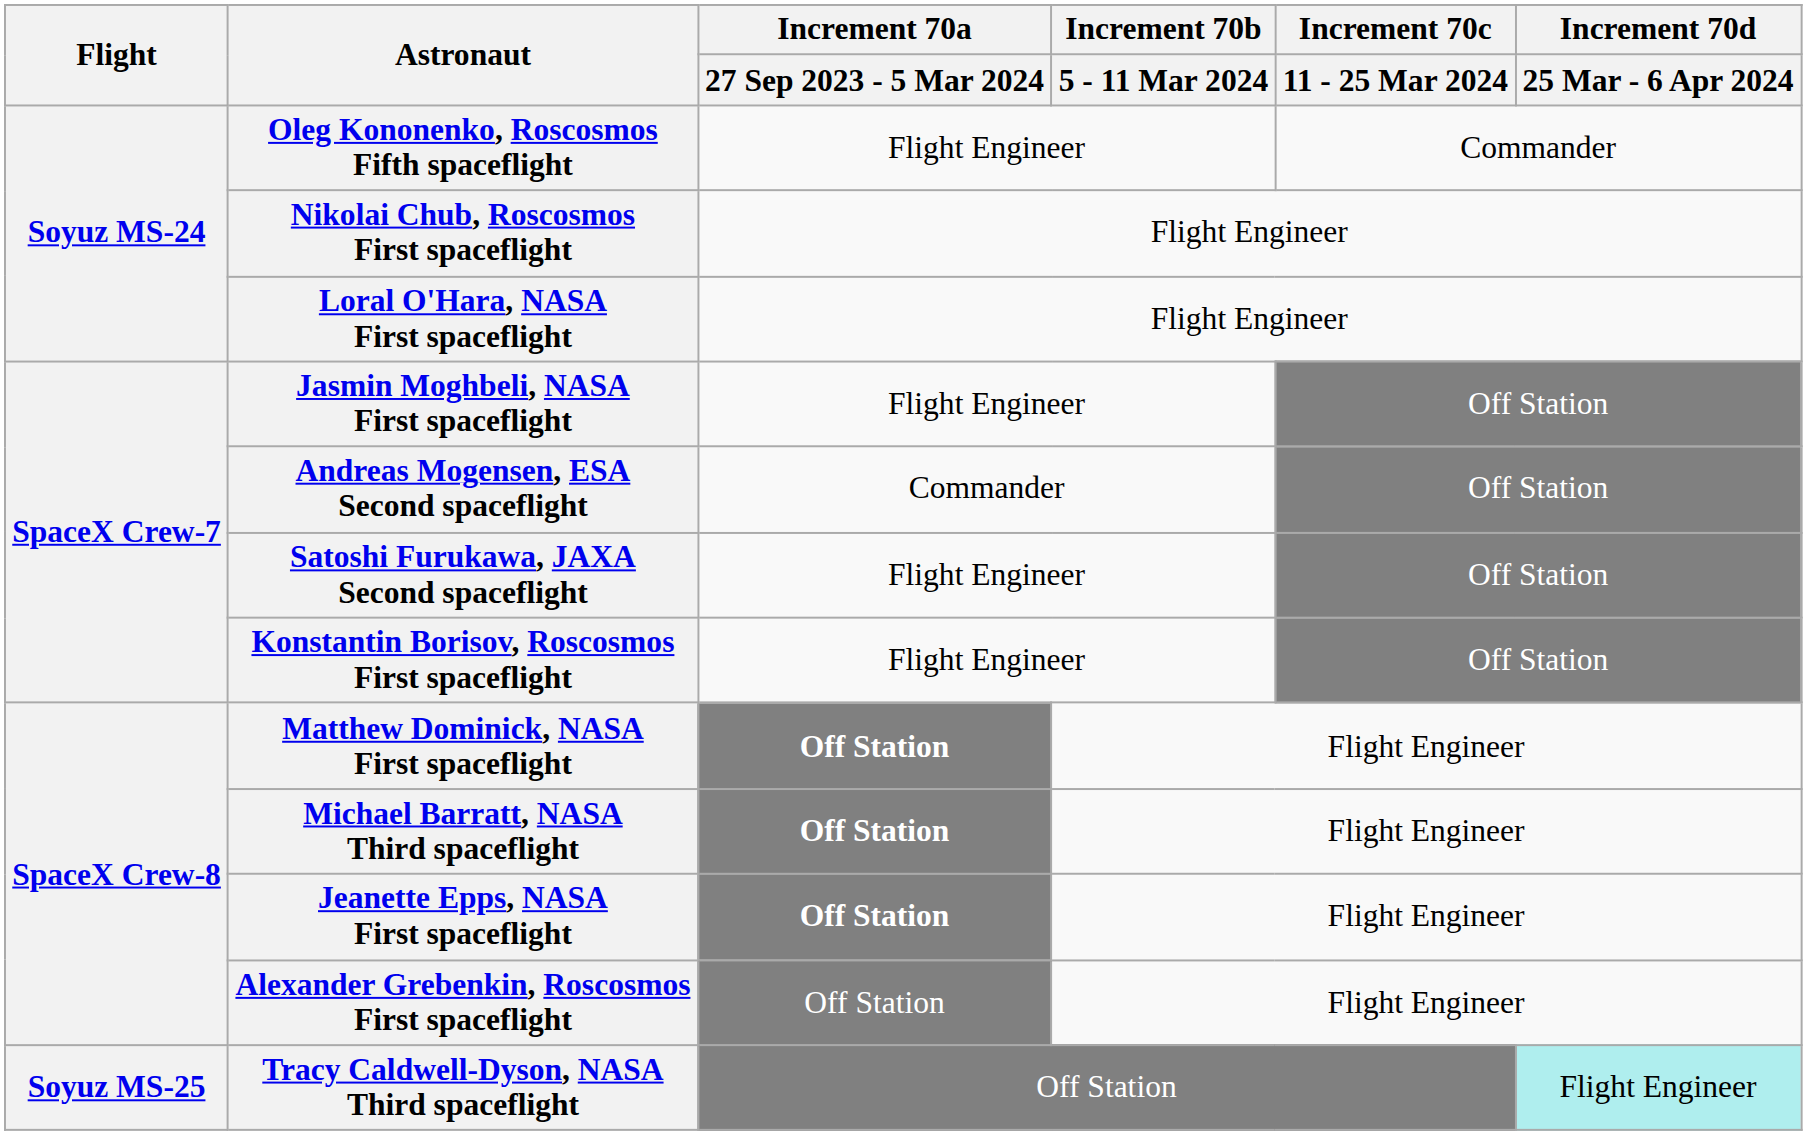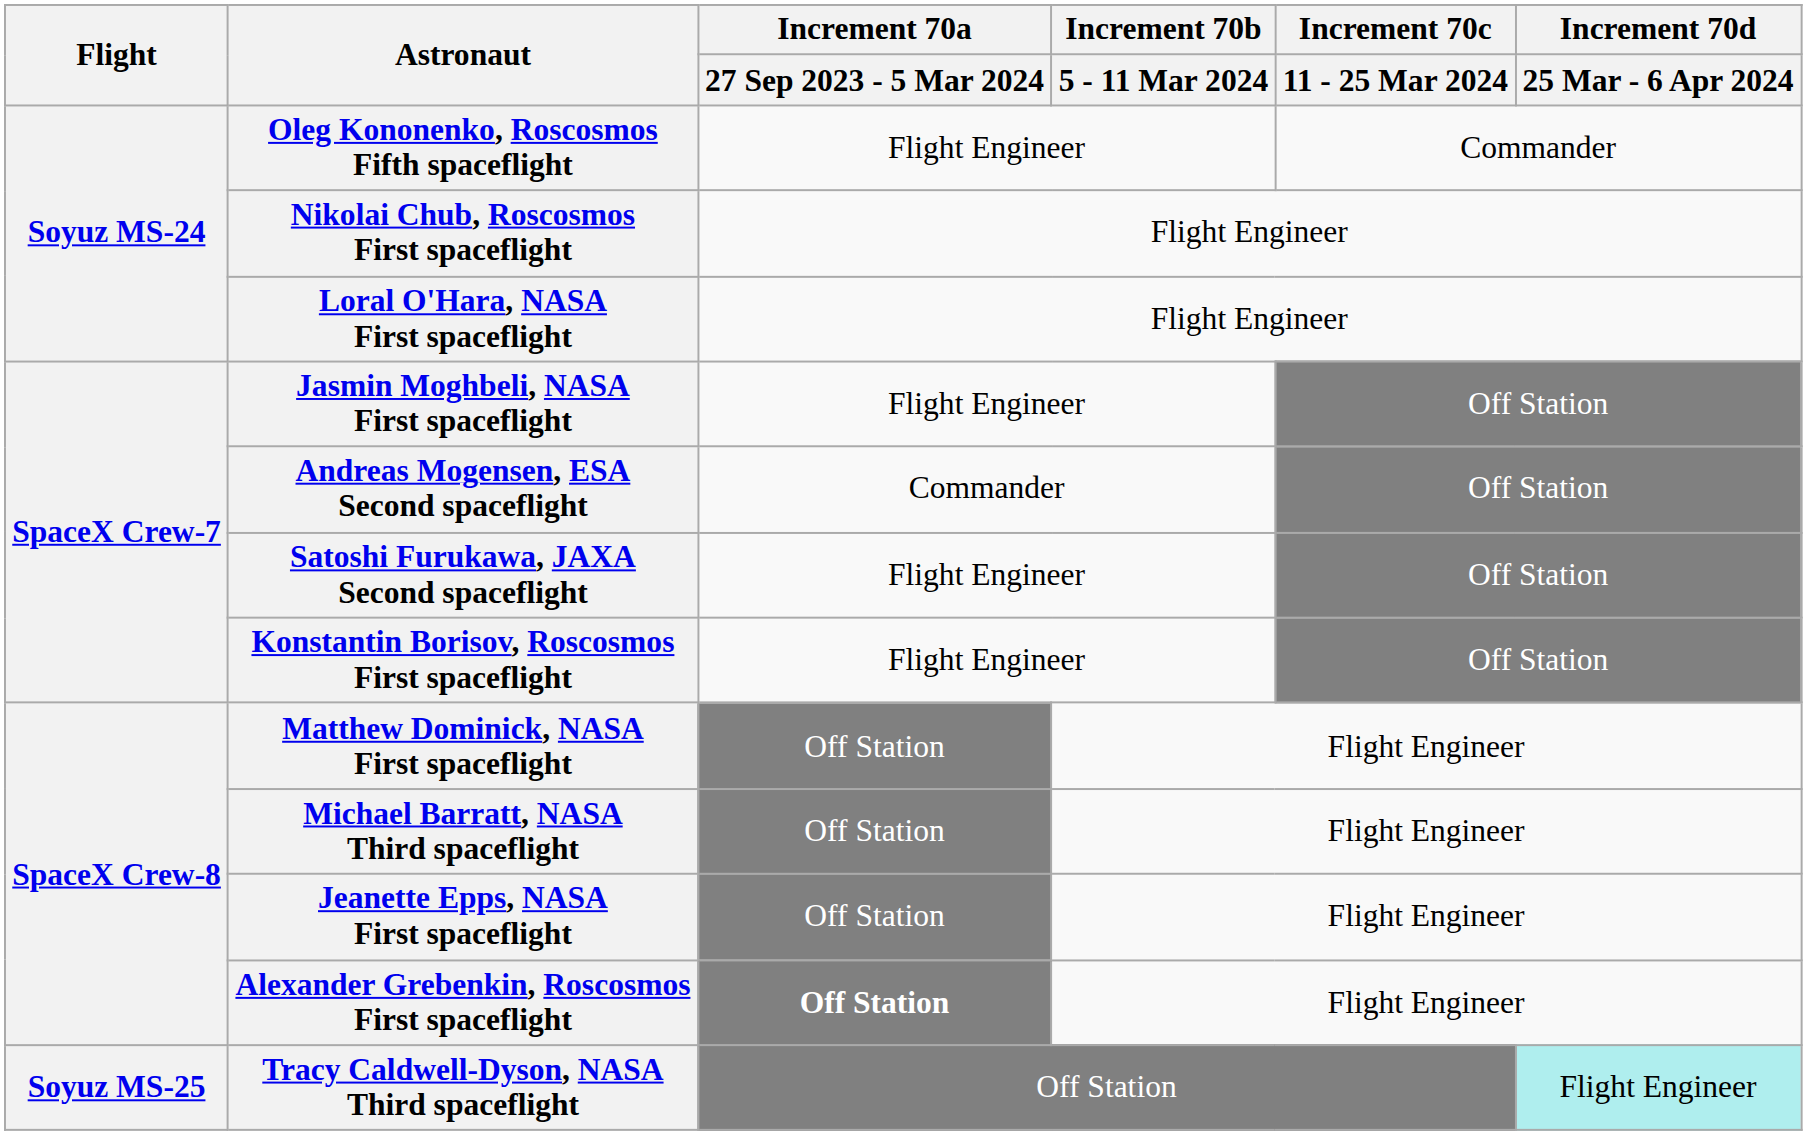 <table class="wikitable" style="text-align:center">
 <tr>
 <th rowspan="2">Flight</th>
 <th rowspan="2">Astronaut</th>
 <th>Increment 70a</th>
 <th>Increment 70b</th>
 <th>Increment 70c</th>
 <th>Increment 70d</th>
 </tr>
 <tr>
 <th>27 Sep 2023 - 5 Mar 2024</th>
 <th>5 - 11 Mar 2024</th>
 <th>11 - 25 Mar 2024</th>
 <th>25 Mar - 6 Apr 2024</th>
 </tr>
 <tr>
 <th rowspan="3"><a href='#'>Soyuz MS-24</a></th>
 <th> <a href='#'>Oleg Kononenko</a>, <a href='#'>Roscosmos</a> <br> Fifth spaceflight</th>
 <td colspan="2">Flight Engineer</td>
 <td colspan="2">Commander</td>
 </tr>
 <tr>
 <th>  <a href='#'>Nikolai Chub</a>, <a href='#'>Roscosmos</a> <br> First spaceflight</th>
 <td colspan="4">Flight Engineer</td>
 </tr>
 <tr>
 <th> <a href='#'>Loral O'Hara</a>, <a href='#'>NASA</a> <br> First spaceflight</th>
 <td colspan="4">Flight Engineer</td>
 </tr>
 <tr>
 <th rowspan="4"><a href='#'>SpaceX Crew-7</a></th>
 <th> <a href='#'>Jasmin Moghbeli</a>, <a href='#'>NASA</a> <br> First spaceflight</th>
 <td colspan="2">Flight Engineer</td>
 <td colspan="2" style="background:grey; color:white;">Off Station</td>
 </tr>
 <tr>
 <th> <a href='#'>Andreas Mogensen</a>, <a href='#'>ESA</a> <br> Second spaceflight</th>
 <td colspan="2">Commander</td>
 <td colspan="2" style="background:grey; color:white;">Off Station</td>
 </tr>
 <tr>
 <th> <a href='#'>Satoshi Furukawa</a>, <a href='#'>JAXA</a> <br> Second spaceflight</th>
 <td colspan="2">Flight Engineer</td>
 <td colspan="2" style="background:grey; color:white;">Off Station</td>
 </tr>
 <tr>
 <th> <a href='#'>Konstantin Borisov</a>, <a href='#'>Roscosmos</a> <br> First spaceflight</th>
 <td colspan="2">Flight Engineer</td>
 <td colspan="2" style="background:grey; color:white;">Off Station</td>
 </tr>
 <tr>
 <th rowspan="4"><a href='#'>SpaceX Crew-8</a></th>
 <th> <a href='#'>Matthew Dominick</a>, <a href='#'>NASA</a> <br> First spaceflight</th>
-<td colspan="1" style="background:grey; color:white;"><strong>Off Station</strong></td>
+<td colspan="1" style="background:grey; color:white;">Off Station</td>
 <td colspan="3">Flight Engineer</td>
 </tr>
 <tr>
 <th> <a href='#'>Michael Barratt</a>, <a href='#'>NASA</a> <br> Third  spaceflight</th>
-<td colspan="1" style="background:grey; color:white;"><strong>Off Station</strong></td>
+<td colspan="1" style="background:grey; color:white;">Off Station</td>
 <td colspan="3">Flight Engineer</td>
 </tr>
 <tr>
 <th><a href='#'>Jeanette Epps</a>, <a href='#'>NASA</a> <br> First spaceflight</th>
-<td colspan="1" style="background:grey; color:white;"><strong>Off Station</strong></td>
+<td colspan="1" style="background:grey; color:white;">Off Station</td>
 <td colspan="3">Flight Engineer</td>
 </tr>
 <tr>
 <th> <a href='#'>Alexander Grebenkin</a>, <a href='#'>Roscosmos</a> <br> First spaceflight</th>
-<td colspan="1" style="background:grey; color:white;">Off Station</td>
+<td colspan="1" style="background:grey; color:white;"><strong>Off Station</strong></td>
 <td colspan="3">Flight Engineer</td>
 </tr>
 <tr>
 <th rowspan="1"><a href='#'>Soyuz MS-25</a></th>
 <th>  <a href='#'>Tracy Caldwell-Dyson</a>, <a href='#'>NASA</a><br> Third spaceflight</th>
 <td colspan="3" style="background:grey; color:white;">Off Station</td>
 <td style="background: paleturquoise;">Flight Engineer</td>
 </tr>
 </table>
